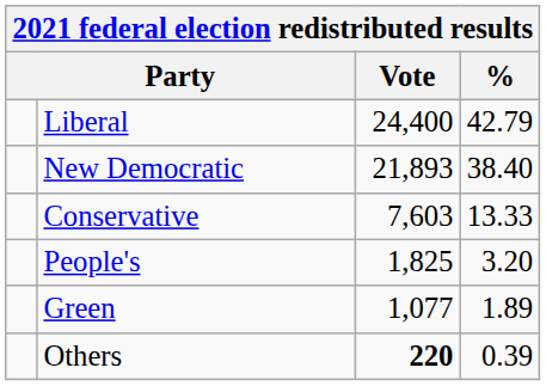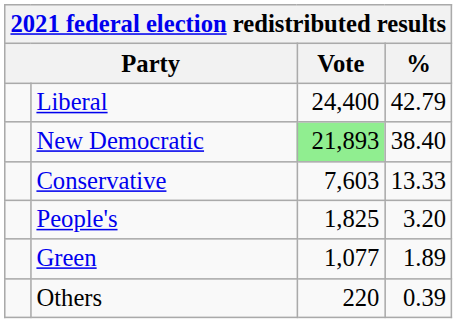 <table class="wikitable">
 <tr>
 <th colspan="4"><a href='#'>2021 federal election</a> redistributed results</th>
 </tr>
 <tr>
 <th bgcolor="#DDDDFF" width="130px" colspan="2">Party</th>
 <th bgcolor="#DDDDFF" width="50px">Vote</th>
 <th bgcolor="#DDDDFF" width="30px">%</th>
 </tr>
 <tr>
 <td> </td>
 <td><a href='#'>Liberal</a></td>
 <td align=right>24,400</td>
 <td align=right>42.79</td>
 </tr>
 <tr>
 <td> </td>
 <td><a href='#'>New Democratic</a></td>
-<td align=right>21,893</td>
+<td align=right style="background: lightgreen;">21,893</td>
 <td align=right>38.40</td>
 </tr>
 <tr>
 <td> </td>
 <td><a href='#'>Conservative</a></td>
 <td align=right>7,603</td>
 <td align=right>13.33</td>
 </tr>
 <tr>
 <td> </td>
 <td><a href='#'>People's</a></td>
 <td align=right>1,825</td>
 <td align=right>3.20</td>
 </tr>
 <tr>
 <td> </td>
 <td><a href='#'>Green</a></td>
 <td align=right>1,077</td>
 <td align=right>1.89</td>
 </tr>
 <tr>
 <td> </td>
 <td>Others</td>
-<td align=right><strong>220</strong></td>
+<td align=right>220</td>
 <td align=right>0.39</td>
 </tr>
 </table>
